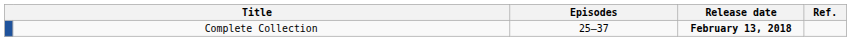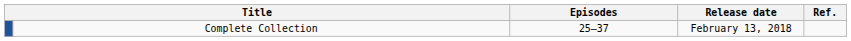 <table class="wikitable" style="text-align: center; width: 70%;">
 <tr>
 <th colspan="2">Title</th>
 <th width="20%">Episodes</th>
 <th width="15%">Release date</th>
 <th width="5%">Ref.</th>
 </tr>
 <tr>
 <td rowspan="1" width="1%" style="background: #1F539C;"></td>
 <td>Complete Collection</td>
 <td>25–37</td>
-<td><strong>February 13, 2018</strong></td>
+<td>February 13, 2018</td>
 <td></td>
 </tr>
 </table>
